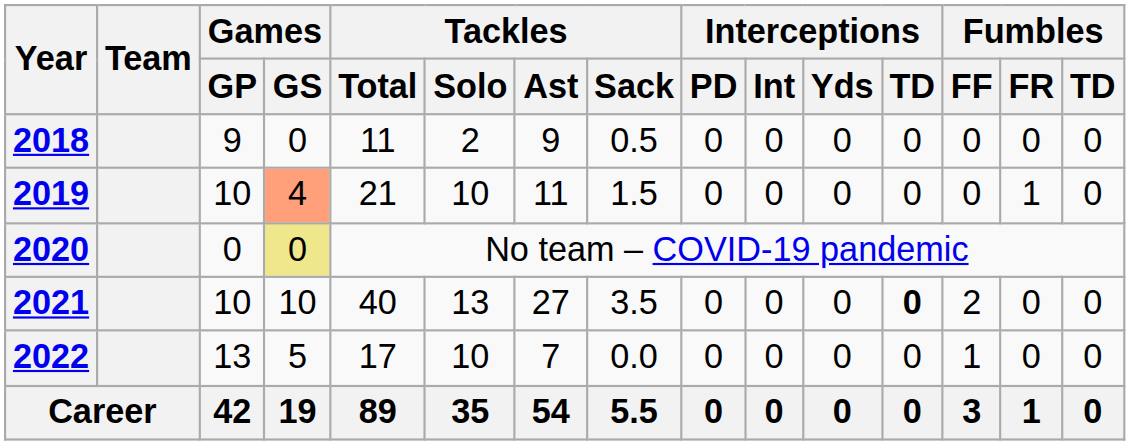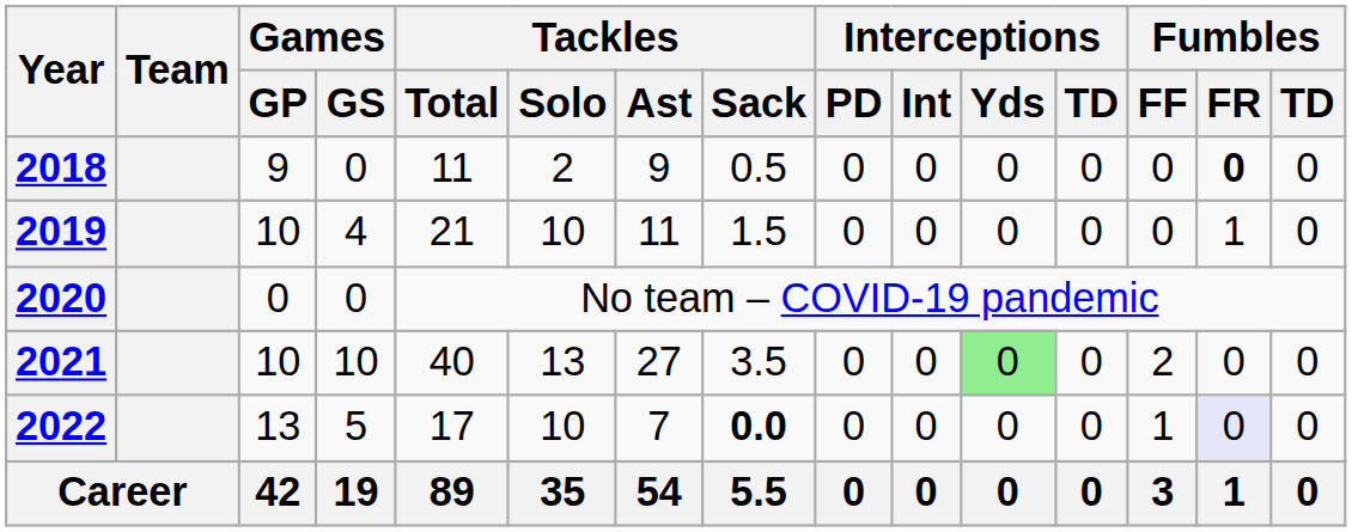 <table class="wikitable" style="text-align:center;">
 <tr>
 <th rowspan="2">Year</th>
 <th rowspan="2">Team</th>
 <th colspan="2">Games</th>
 <th colspan="4">Tackles</th>
 <th colspan="4">Interceptions</th>
 <th colspan="3">Fumbles</th>
 </tr>
 <tr>
 <th>GP</th>
 <th>GS</th>
 <th>Total</th>
 <th>Solo</th>
 <th>Ast</th>
 <th>Sack</th>
 <th>PD</th>
 <th>Int</th>
 <th>Yds</th>
 <th>TD</th>
 <th>FF</th>
 <th>FR</th>
 <th>TD</th>
 </tr>
 <tr>
 <th><a href='#'>2018</a></th>
 <th><a href='#'></a></th>
 <td>9</td>
 <td>0</td>
 <td>11</td>
 <td>2</td>
 <td>9</td>
 <td>0.5</td>
 <td>0</td>
 <td>0</td>
 <td>0</td>
 <td>0</td>
 <td>0</td>
-<td>0</td>
+<td><strong>0</strong></td>
 <td>0</td>
 </tr>
 <tr>
 <th><a href='#'>2019</a></th>
 <th><a href='#'></a></th>
 <td>10</td>
-<td style="background: lightsalmon;">4</td>
+<td>4</td>
 <td>21</td>
 <td>10</td>
 <td>11</td>
 <td>1.5</td>
 <td>0</td>
 <td>0</td>
 <td>0</td>
 <td>0</td>
 <td>0</td>
 <td>1</td>
 <td>0</td>
 </tr>
 <tr>
 <th><a href='#'>2020</a></th>
 <th><a href='#'></a></th>
 <td>0</td>
-<td style="background: khaki;">0</td>
+<td>0</td>
 <td colspan="11">No team – <a href='#'>COVID-19 pandemic</a></td>
 </tr>
 <tr>
 <th><a href='#'>2021</a></th>
 <th><a href='#'></a></th>
 <td>10</td>
 <td>10</td>
 <td>40</td>
 <td>13</td>
 <td>27</td>
 <td>3.5</td>
 <td>0</td>
 <td>0</td>
+<td style="background: lightgreen;">0</td>
 <td>0</td>
-<td><strong>0</strong></td>
 <td>2</td>
 <td>0</td>
 <td>0</td>
 </tr>
 <tr>
 <th><a href='#'>2022</a></th>
 <th><a href='#'></a></th>
 <td>13</td>
 <td>5</td>
 <td>17</td>
 <td>10</td>
 <td>7</td>
-<td>0.0</td>
+<td><strong>0.0</strong></td>
 <td>0</td>
 <td>0</td>
 <td>0</td>
 <td>0</td>
 <td>1</td>
-<td>0</td>
+<td style="background: lavender;">0</td>
 <td>0</td>
 </tr>
 <tr>
 <th align=center colspan="2">Career</th>
 <th>42</th>
 <th>19</th>
 <th>89</th>
 <th>35</th>
 <th>54</th>
 <th>5.5</th>
 <th>0</th>
 <th>0</th>
 <th>0</th>
 <th>0</th>
 <th>3</th>
 <th>1</th>
 <th>0</th>
 </tr>
 </table>
